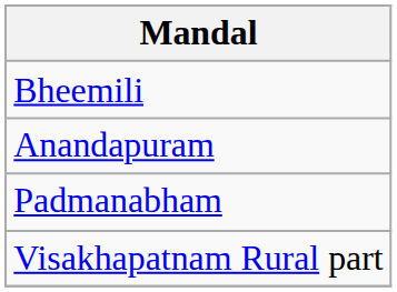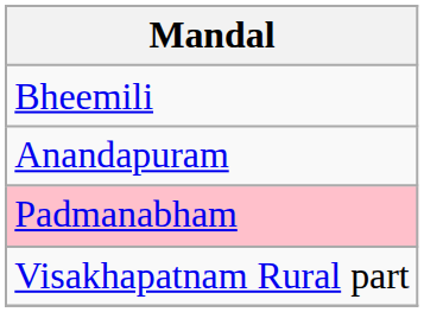 <table class="wikitable sortable static-row-numbers static-row-header-hash">
 <tr>
 <th>Mandal</th>
 </tr>
 <tr>
 <td><a href='#'>Bheemili</a></td>
 </tr>
 <tr>
 <td><a href='#'>Anandapuram</a></td>
 </tr>
 <tr>
-<td><a href='#'>Padmanabham</a></td>
+<td style="background: pink;"><a href='#'>Padmanabham</a></td>
 </tr>
 <tr>
 <td><a href='#'>Visakhapatnam Rural</a> part</td>
 </tr>
 <tr>
 </tr>
 </table>
